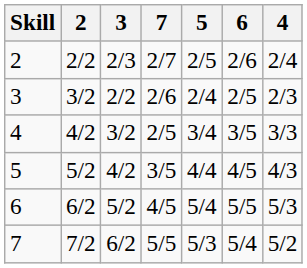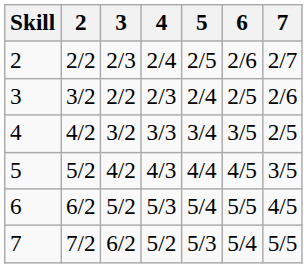 <table class="wikitable">
 <tr>
 <th>Skill</th>
 <th>2</th>
 <th>3</th>
-<th>7</th>
+<th>4</th>
 <th>5</th>
 <th>6</th>
-<th>4</th>
+<th>7</th>
 </tr>
 <tr>
 <td>2</td>
 <td>2/2</td>
 <td>2/3</td>
-<td>2/7</td>
+<td>2/4</td>
 <td>2/5</td>
 <td>2/6</td>
-<td>2/4</td>
+<td>2/7</td>
 </tr>
 <tr>
 <td>3</td>
 <td>3/2</td>
 <td>2/2</td>
-<td>2/6</td>
+<td>2/3</td>
 <td>2/4</td>
 <td>2/5</td>
-<td>2/3</td>
+<td>2/6</td>
 </tr>
 <tr>
 <td>4</td>
 <td>4/2</td>
 <td>3/2</td>
-<td>2/5</td>
+<td>3/3</td>
 <td>3/4</td>
 <td>3/5</td>
-<td>3/3</td>
+<td>2/5</td>
 </tr>
 <tr>
 <td>5</td>
 <td>5/2</td>
 <td>4/2</td>
-<td>3/5</td>
+<td>4/3</td>
 <td>4/4</td>
 <td>4/5</td>
-<td>4/3</td>
+<td>3/5</td>
 </tr>
 <tr>
 <td>6</td>
 <td>6/2</td>
 <td>5/2</td>
-<td>4/5</td>
+<td>5/3</td>
 <td>5/4</td>
 <td>5/5</td>
-<td>5/3</td>
+<td>4/5</td>
 </tr>
 <tr>
 <td>7</td>
 <td>7/2</td>
 <td>6/2</td>
-<td>5/5</td>
+<td>5/2</td>
 <td>5/3</td>
 <td>5/4</td>
-<td>5/2</td>
+<td>5/5</td>
 </tr>
 </table>
